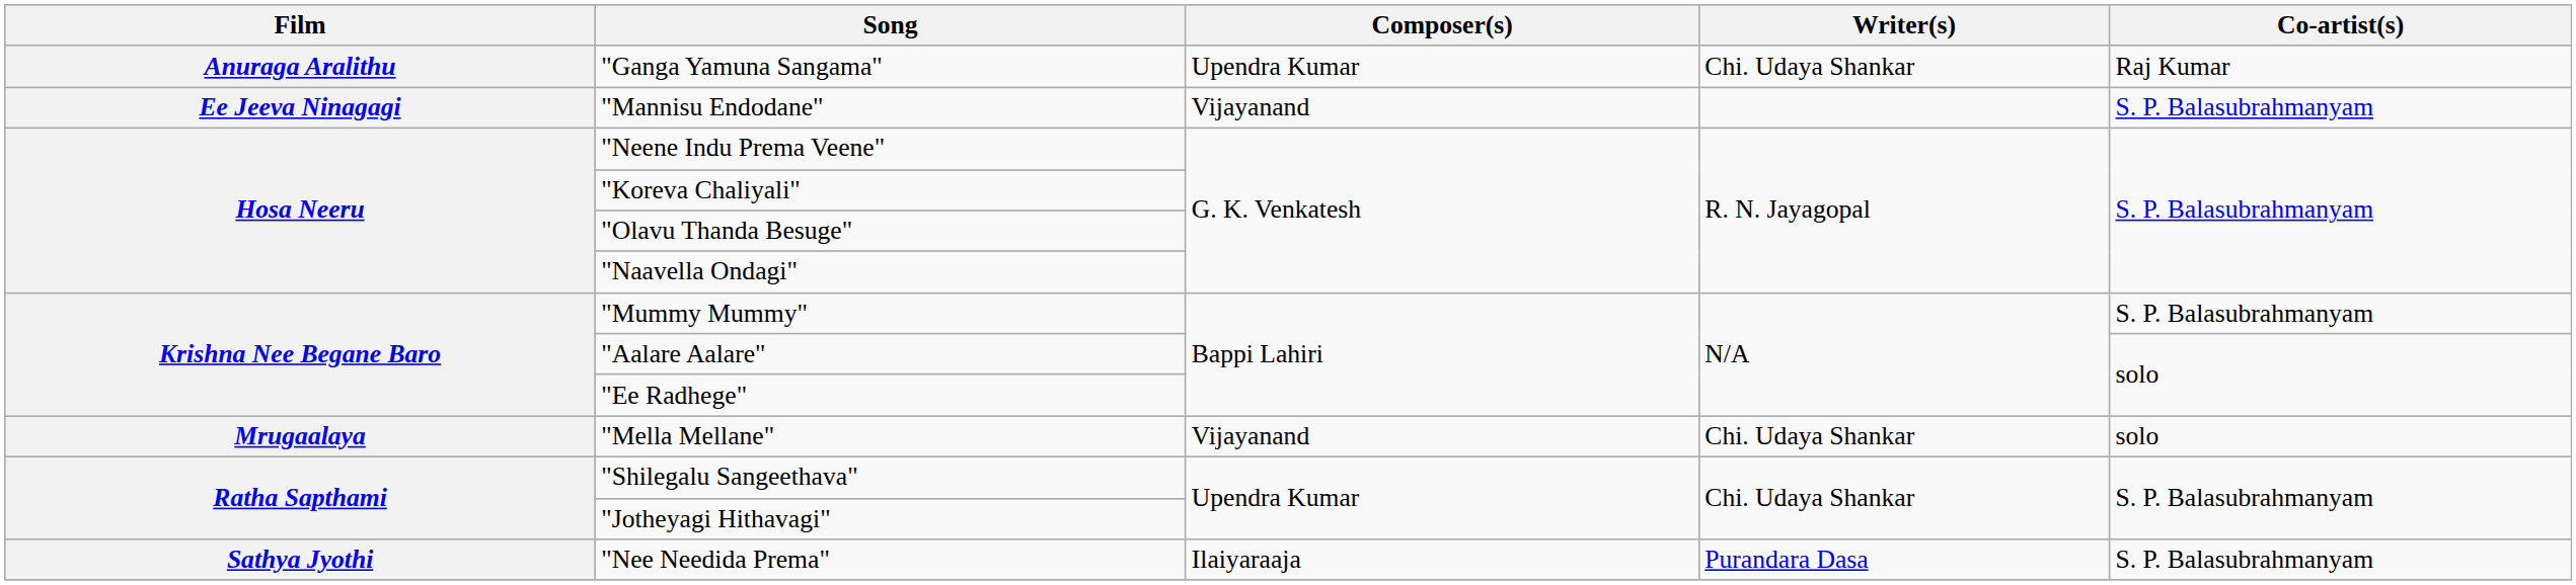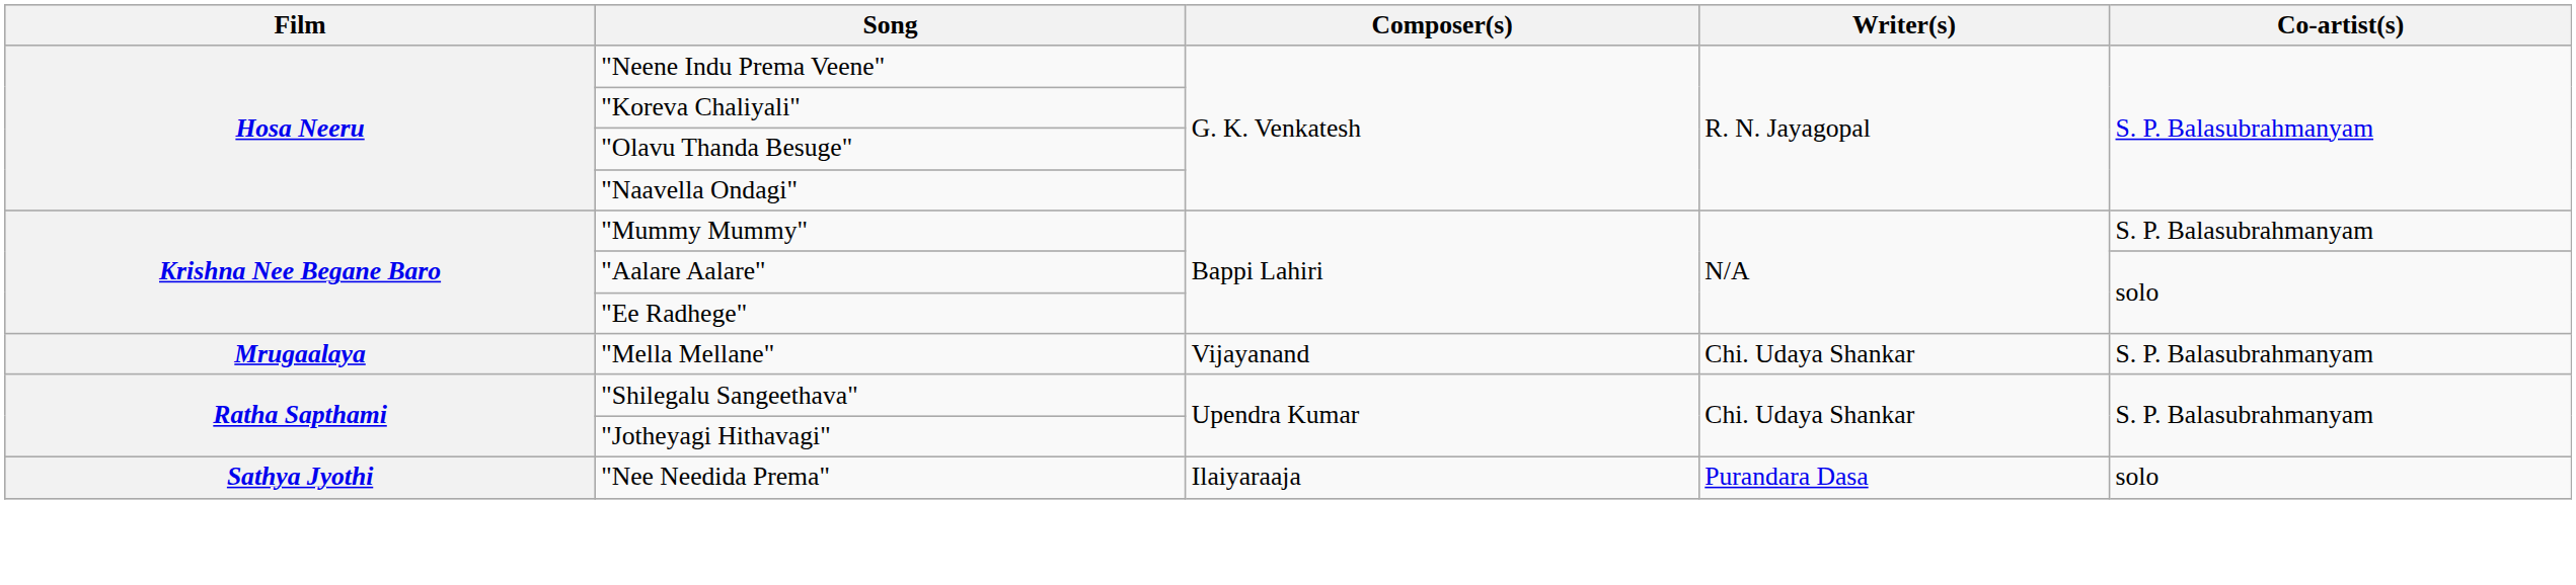 <table class="wikitable plainrowheaders" width="100%" textcolor:#000;">
 <tr style="background:#b0e0e66;">
 <th scope="col" width=23%><strong>Film</strong></th>
 <th scope="col" width=23%><strong>Song</strong></th>
 <th scope="col" width=20%><strong>Composer(s)</strong></th>
 <th scope="col" width=16%><strong>Writer(s)</strong></th>
 <th scope="col" width=18%><strong>Co-artist(s)</strong></th>
-</tr>
-<tr>
-<th><em><a href='#'>Anuraga Aralithu</a></em></th>
-<td>"Ganga Yamuna Sangama"</td>
-<td>Upendra Kumar</td>
-<td>Chi. Udaya Shankar</td>
-<td>Raj Kumar</td>
-</tr>
-<tr>
-<th Rowspan=><em><a href='#'>Ee Jeeva Ninagagi</a></em></th>
-<td>"Mannisu Endodane"</td>
-<td rowspan=>Vijayanand</td>
-<td rowspan=></td>
-<td><a href='#'>S. P. Balasubrahmanyam</a></td>
 </tr>
 <tr>
 <th Rowspan=4><em><a href='#'>Hosa Neeru</a></em></th>
 <td>"Neene Indu Prema Veene"</td>
 <td rowspan=4>G. K. Venkatesh</td>
 <td rowspan=4>R. N. Jayagopal</td>
 <td rowspan=4><a href='#'>S. P. Balasubrahmanyam</a></td>
 </tr>
 <tr>
 <td>"Koreva Chaliyali"</td>
 </tr>
 <tr>
 <td>"Olavu Thanda Besuge"</td>
 </tr>
 <tr>
 <td>"Naavella Ondagi"</td>
 </tr>
 <tr>
 <th Rowspan=3><em><a href='#'>Krishna Nee Begane Baro</a></em></th>
 <td>"Mummy Mummy"</td>
 <td rowspan=3>Bappi Lahiri</td>
 <td rowspan=3>N/A</td>
 <td>S. P. Balasubrahmanyam</td>
 </tr>
 <tr>
 <td>"Aalare Aalare"</td>
 <td rowspan=2>solo</td>
 </tr>
 <tr>
 <td>"Ee Radhege"</td>
 </tr>
 <tr>
 <th rowspan=><em><a href='#'>Mrugaalaya</a></em></th>
 <td>"Mella Mellane"</td>
 <td rowspan=>Vijayanand</td>
 <td>Chi. Udaya Shankar</td>
-<td>solo</td>
+<td>S. P. Balasubrahmanyam</td>
 </tr>
 <tr>
 <th Rowspan=2><em><a href='#'>Ratha Sapthami</a></em></th>
 <td>"Shilegalu Sangeethava"</td>
 <td rowspan=2>Upendra Kumar</td>
 <td rowspan=2>Chi. Udaya Shankar</td>
 <td rowspan=2>S. P. Balasubrahmanyam</td>
 </tr>
 <tr>
 <td>"Jotheyagi Hithavagi"</td>
 </tr>
 <tr>
 <th><em><a href='#'>Sathya Jyothi</a></em></th>
 <td>"Nee Needida Prema"</td>
 <td>Ilaiyaraaja</td>
 <td rowspan=><a href='#'>Purandara Dasa</a></td>
-<td>S. P. Balasubrahmanyam</td>
+<td>solo</td>
 </tr>
 </table>
